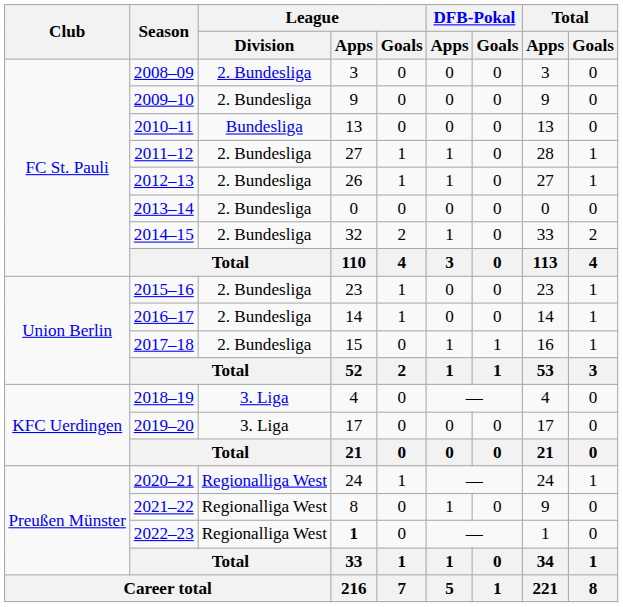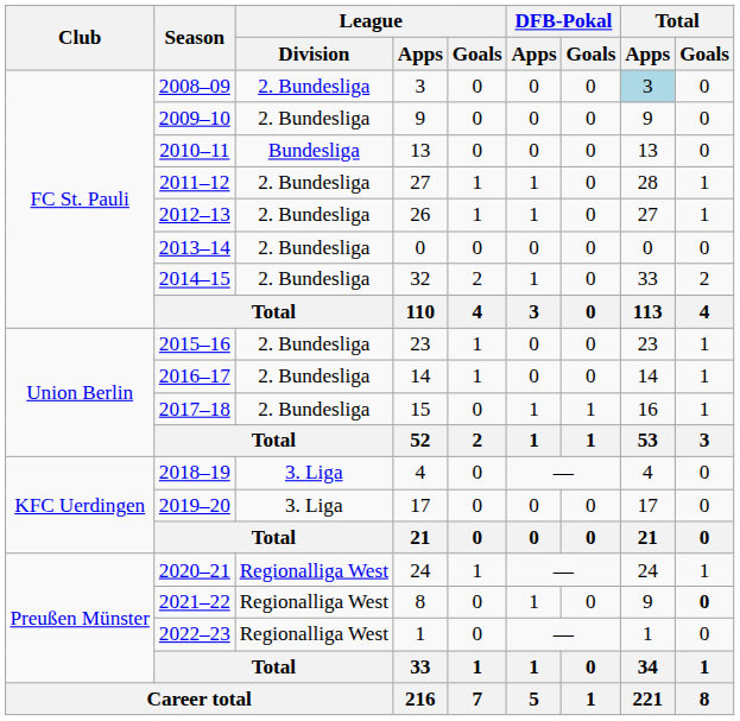 <table class="wikitable" style="text-align:center">
 <tr>
 <th rowspan="2">Club</th>
 <th rowspan="2">Season</th>
 <th colspan="3">League</th>
 <th colspan="2"><a href='#'>DFB-Pokal</a></th>
 <th colspan="2">Total</th>
 </tr>
 <tr>
 <th>Division</th>
 <th>Apps</th>
 <th>Goals</th>
 <th>Apps</th>
 <th>Goals</th>
 <th>Apps</th>
 <th>Goals</th>
 </tr>
 <tr>
 <td rowspan="8"><a href='#'>FC St. Pauli</a></td>
 <td><a href='#'>2008–09</a></td>
 <td><a href='#'>2. Bundesliga</a></td>
 <td>3</td>
 <td>0</td>
 <td>0</td>
 <td>0</td>
-<td>3</td>
+<td style="background: lightblue;">3</td>
 <td>0</td>
 </tr>
 <tr>
 <td><a href='#'>2009–10</a></td>
 <td>2. Bundesliga</td>
 <td>9</td>
 <td>0</td>
 <td>0</td>
 <td>0</td>
 <td>9</td>
 <td>0</td>
 </tr>
 <tr>
 <td><a href='#'>2010–11</a></td>
 <td><a href='#'>Bundesliga</a></td>
 <td>13</td>
 <td>0</td>
 <td>0</td>
 <td>0</td>
 <td>13</td>
 <td>0</td>
 </tr>
 <tr>
 <td><a href='#'>2011–12</a></td>
 <td>2. Bundesliga</td>
 <td>27</td>
 <td>1</td>
 <td>1</td>
 <td>0</td>
 <td>28</td>
 <td>1</td>
 </tr>
 <tr>
 <td><a href='#'>2012–13</a></td>
 <td>2. Bundesliga</td>
 <td>26</td>
 <td>1</td>
 <td>1</td>
 <td>0</td>
 <td>27</td>
 <td>1</td>
 </tr>
 <tr>
 <td><a href='#'>2013–14</a></td>
 <td>2. Bundesliga</td>
 <td>0</td>
 <td>0</td>
 <td>0</td>
 <td>0</td>
 <td>0</td>
 <td>0</td>
 </tr>
 <tr>
 <td><a href='#'>2014–15</a></td>
 <td>2. Bundesliga</td>
 <td>32</td>
 <td>2</td>
 <td>1</td>
 <td>0</td>
 <td>33</td>
 <td>2</td>
 </tr>
 <tr>
 <th colspan="2">Total</th>
 <th>110</th>
 <th>4</th>
 <th>3</th>
 <th>0</th>
 <th>113</th>
 <th>4</th>
 </tr>
 <tr>
 <td rowspan="4"><a href='#'>Union Berlin</a></td>
 <td><a href='#'>2015–16</a></td>
 <td>2. Bundesliga</td>
 <td>23</td>
 <td>1</td>
 <td>0</td>
 <td>0</td>
 <td>23</td>
 <td>1</td>
 </tr>
 <tr>
 <td><a href='#'>2016–17</a></td>
 <td>2. Bundesliga</td>
 <td>14</td>
 <td>1</td>
 <td>0</td>
 <td>0</td>
 <td>14</td>
 <td>1</td>
 </tr>
 <tr>
 <td><a href='#'>2017–18</a></td>
 <td>2. Bundesliga</td>
 <td>15</td>
 <td>0</td>
 <td>1</td>
 <td>1</td>
 <td>16</td>
 <td>1</td>
 </tr>
 <tr>
 <th colspan="2">Total</th>
 <th>52</th>
 <th>2</th>
 <th>1</th>
 <th>1</th>
 <th>53</th>
 <th>3</th>
 </tr>
 <tr>
 <td rowspan="3"><a href='#'>KFC Uerdingen</a></td>
 <td><a href='#'>2018–19</a></td>
 <td><a href='#'>3. Liga</a></td>
 <td>4</td>
 <td>0</td>
 <td colspan="2">—</td>
 <td>4</td>
 <td>0</td>
 </tr>
 <tr>
 <td><a href='#'>2019–20</a></td>
 <td>3. Liga</td>
 <td>17</td>
 <td>0</td>
 <td>0</td>
 <td>0</td>
 <td>17</td>
 <td>0</td>
 </tr>
 <tr>
 <th colspan="2">Total</th>
 <th>21</th>
 <th>0</th>
 <th>0</th>
 <th>0</th>
 <th>21</th>
 <th>0</th>
 </tr>
 <tr>
 <td rowspan="4"><a href='#'>Preußen Münster</a></td>
 <td><a href='#'>2020–21</a></td>
 <td><a href='#'>Regionalliga West</a></td>
 <td>24</td>
 <td>1</td>
 <td colspan="2">—</td>
 <td>24</td>
 <td>1</td>
 </tr>
 <tr>
 <td><a href='#'>2021–22</a></td>
 <td>Regionalliga West</td>
 <td>8</td>
 <td>0</td>
 <td>1</td>
 <td>0</td>
 <td>9</td>
-<td>0</td>
+<td><strong>0</strong></td>
 </tr>
 <tr>
 <td><a href='#'>2022–23</a></td>
 <td>Regionalliga West</td>
-<td><strong>1</strong></td>
+<td>1</td>
 <td>0</td>
 <td colspan="2">—</td>
 <td>1</td>
 <td>0</td>
 </tr>
 <tr>
 <th colspan="2">Total</th>
 <th>33</th>
 <th>1</th>
 <th>1</th>
 <th>0</th>
 <th>34</th>
 <th>1</th>
 </tr>
 <tr>
 <th colspan="3">Career total</th>
 <th>216</th>
 <th>7</th>
 <th>5</th>
 <th>1</th>
 <th>221</th>
 <th>8</th>
 </tr>
 </table>
